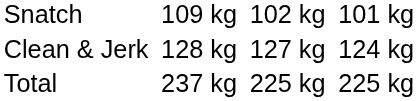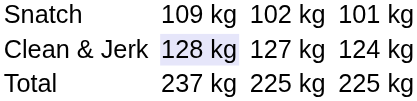 <table>
 <tr>
 <td>Snatch</td>
 <td></td>
 <td>109 kg</td>
 <td></td>
 <td>102 kg</td>
 <td></td>
 <td>101 kg</td>
 </tr>
 <tr>
 <td>Clean & Jerk</td>
 <td></td>
-<td>128 kg</td>
+<td style="background: lavender;">128 kg</td>
 <td></td>
 <td>127 kg</td>
 <td></td>
 <td>124 kg</td>
 </tr>
 <tr>
 <td>Total</td>
 <td></td>
 <td>237 kg</td>
 <td></td>
 <td>225 kg</td>
 <td></td>
 <td>225 kg</td>
 </tr>
 </table>
